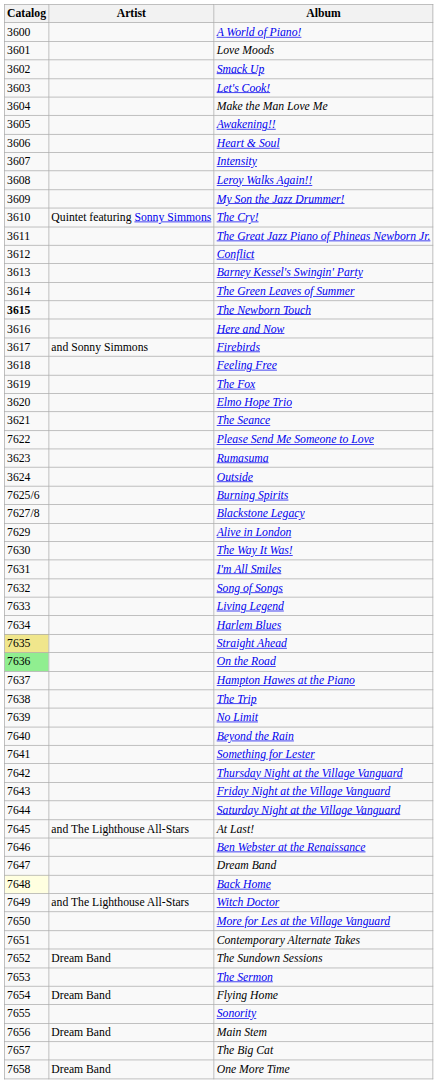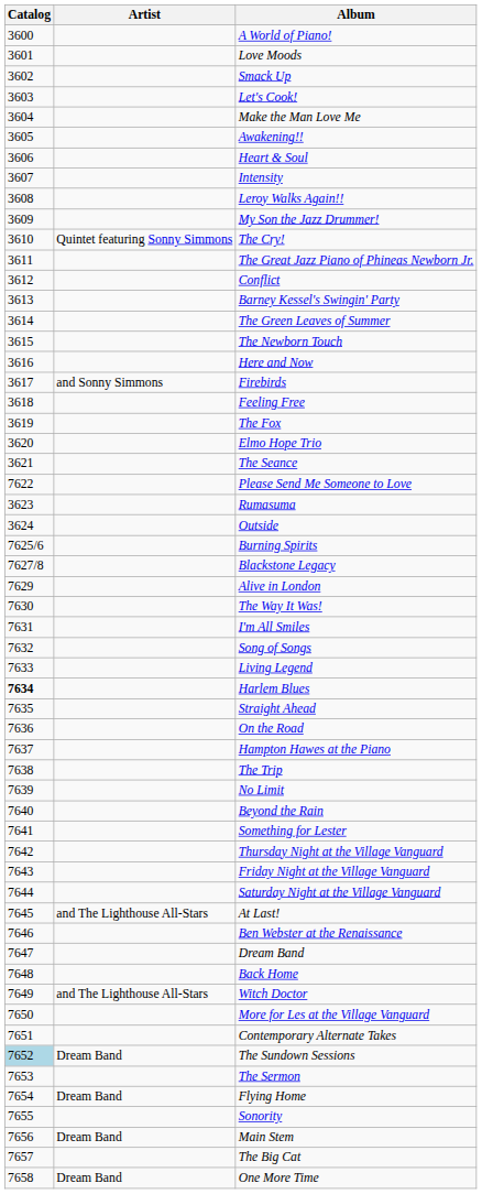 <table class="wikitable sortable">
 <tr>
 <th>Catalog</th>
 <th>Artist</th>
 <th>Album</th>
 </tr>
 <tr>
 <td>3600</td>
 <td></td>
 <td><em><a href='#'>A World of Piano!</a></em></td>
 </tr>
 <tr>
 <td>3601</td>
 <td></td>
 <td><em>Love Moods</em></td>
 </tr>
 <tr>
 <td>3602</td>
 <td></td>
 <td><em><a href='#'>Smack Up</a></em></td>
 </tr>
 <tr>
 <td>3603</td>
 <td></td>
 <td><em><a href='#'>Let's Cook!</a></em></td>
 </tr>
 <tr>
 <td>3604</td>
 <td></td>
 <td><em>Make the Man Love Me</em></td>
 </tr>
 <tr>
 <td>3605</td>
 <td></td>
 <td><em><a href='#'>Awakening!!</a></em></td>
 </tr>
 <tr>
 <td>3606</td>
 <td></td>
 <td><em><a href='#'>Heart & Soul</a></em></td>
 </tr>
 <tr>
 <td>3607</td>
 <td></td>
 <td><em><a href='#'>Intensity</a></em></td>
 </tr>
 <tr>
 <td>3608</td>
 <td></td>
 <td><em><a href='#'>Leroy Walks Again!!</a></em></td>
 </tr>
 <tr>
 <td>3609</td>
 <td></td>
 <td><em><a href='#'>My Son the Jazz Drummer!</a></em></td>
 </tr>
 <tr>
 <td>3610</td>
 <td> Quintet featuring <a href='#'>Sonny Simmons</a></td>
 <td><em><a href='#'>The Cry!</a></em></td>
 </tr>
 <tr>
 <td>3611</td>
 <td></td>
 <td><em><a href='#'>The Great Jazz Piano of Phineas Newborn Jr.</a></em></td>
 </tr>
 <tr>
 <td>3612</td>
 <td></td>
 <td><em><a href='#'>Conflict</a></em></td>
 </tr>
 <tr>
 <td>3613</td>
 <td></td>
 <td><em><a href='#'>Barney Kessel's Swingin' Party</a></em></td>
 </tr>
 <tr>
 <td>3614</td>
 <td></td>
 <td><em><a href='#'>The Green Leaves of Summer</a></em></td>
 </tr>
 <tr>
-<td><strong>3615</strong></td>
+<td>3615</td>
 <td></td>
 <td><em><a href='#'>The Newborn Touch</a></em></td>
 </tr>
 <tr>
 <td>3616</td>
 <td></td>
 <td><em><a href='#'>Here and Now</a></em></td>
 </tr>
 <tr>
 <td>3617</td>
 <td> and Sonny Simmons</td>
 <td><em><a href='#'>Firebirds</a></em></td>
 </tr>
 <tr>
 <td>3618</td>
 <td></td>
 <td><em><a href='#'>Feeling Free</a></em></td>
 </tr>
 <tr>
 <td>3619</td>
 <td></td>
 <td><em><a href='#'>The Fox</a></em></td>
 </tr>
 <tr>
 <td>3620</td>
 <td></td>
 <td><em><a href='#'>Elmo Hope Trio</a></em></td>
 </tr>
 <tr>
 <td>3621</td>
 <td></td>
 <td><em><a href='#'>The Seance</a></em></td>
 </tr>
 <tr>
 <td>7622</td>
 <td></td>
 <td><em><a href='#'>Please Send Me Someone to Love</a></em></td>
 </tr>
 <tr>
 <td>3623</td>
 <td></td>
 <td><em><a href='#'>Rumasuma</a></em></td>
 </tr>
 <tr>
 <td>3624</td>
 <td></td>
 <td><em><a href='#'>Outside</a></em></td>
 </tr>
 <tr>
 <td>7625/6</td>
 <td></td>
 <td><em><a href='#'>Burning Spirits</a></em></td>
 </tr>
 <tr>
 <td>7627/8</td>
 <td></td>
 <td><em><a href='#'>Blackstone Legacy</a></em></td>
 </tr>
 <tr>
 <td>7629</td>
 <td></td>
 <td><em><a href='#'>Alive in London</a></em></td>
 </tr>
 <tr>
 <td>7630</td>
 <td></td>
 <td><em><a href='#'>The Way It Was!</a></em></td>
 </tr>
 <tr>
 <td>7631</td>
 <td></td>
 <td><em><a href='#'>I'm All Smiles</a></em></td>
 </tr>
 <tr>
 <td>7632</td>
 <td></td>
 <td><em><a href='#'>Song of Songs</a></em></td>
 </tr>
 <tr>
 <td>7633</td>
 <td></td>
 <td><em><a href='#'>Living Legend</a></em></td>
 </tr>
 <tr>
-<td>7634</td>
+<td><strong>7634</strong></td>
 <td></td>
 <td><em><a href='#'>Harlem Blues</a></em></td>
 </tr>
 <tr>
-<td style="background: khaki;">7635</td>
+<td>7635</td>
 <td></td>
 <td><em><a href='#'>Straight Ahead</a></em></td>
 </tr>
 <tr>
-<td style="background: lightgreen;">7636</td>
+<td>7636</td>
 <td></td>
 <td><em><a href='#'>On the Road</a></em></td>
 </tr>
 <tr>
 <td>7637</td>
 <td></td>
 <td><em><a href='#'>Hampton Hawes at the Piano</a></em></td>
 </tr>
 <tr>
 <td>7638</td>
 <td></td>
 <td><em><a href='#'>The Trip</a></em></td>
 </tr>
 <tr>
 <td>7639</td>
 <td></td>
 <td><em><a href='#'>No Limit</a></em></td>
 </tr>
 <tr>
 <td>7640</td>
 <td></td>
 <td><em><a href='#'>Beyond the Rain</a></em></td>
 </tr>
 <tr>
 <td>7641</td>
 <td></td>
 <td><em><a href='#'>Something for Lester</a></em></td>
 </tr>
 <tr>
 <td>7642</td>
 <td></td>
 <td><em><a href='#'>Thursday Night at the Village Vanguard</a></em></td>
 </tr>
 <tr>
 <td>7643</td>
 <td></td>
 <td><em><a href='#'>Friday Night at the Village Vanguard</a></em></td>
 </tr>
 <tr>
 <td>7644</td>
 <td></td>
 <td><em><a href='#'>Saturday Night at the Village Vanguard</a></em></td>
 </tr>
 <tr>
 <td>7645</td>
 <td> and The Lighthouse All-Stars</td>
 <td><em>At Last!</em></td>
 </tr>
 <tr>
 <td>7646</td>
 <td></td>
 <td><em><a href='#'>Ben Webster at the Renaissance</a></em></td>
 </tr>
 <tr>
 <td>7647</td>
 <td></td>
 <td><em>Dream Band</em></td>
 </tr>
 <tr>
-<td style="background: lightyellow;">7648</td>
+<td>7648</td>
 <td></td>
 <td><em><a href='#'>Back Home</a></em></td>
 </tr>
 <tr>
 <td>7649</td>
 <td> and The Lighthouse All-Stars</td>
 <td><em><a href='#'>Witch Doctor</a></em></td>
 </tr>
 <tr>
 <td>7650</td>
 <td></td>
 <td><em><a href='#'>More for Les at the Village Vanguard</a></em></td>
 </tr>
 <tr>
 <td>7651</td>
 <td></td>
 <td><em>Contemporary Alternate Takes</em></td>
 </tr>
 <tr>
-<td>7652</td>
+<td style="background: lightblue;">7652</td>
 <td> Dream Band</td>
 <td><em>The Sundown Sessions</em></td>
 </tr>
 <tr>
 <td>7653</td>
 <td></td>
 <td><em><a href='#'>The Sermon</a></em></td>
 </tr>
 <tr>
 <td>7654</td>
 <td> Dream Band</td>
 <td><em>Flying Home</em></td>
 </tr>
 <tr>
 <td>7655</td>
 <td></td>
 <td><em><a href='#'>Sonority</a></em></td>
 </tr>
 <tr>
 <td>7656</td>
 <td> Dream Band</td>
 <td><em>Main Stem</em></td>
 </tr>
 <tr>
 <td>7657</td>
 <td></td>
 <td><em>The Big Cat</em></td>
 </tr>
 <tr>
 <td>7658</td>
 <td> Dream Band</td>
 <td><em>One More Time</em></td>
 </tr>
 </table>
